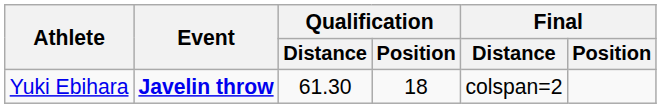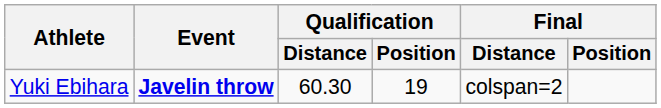 <table class=wikitable style="font-size:90%">
 <tr>
 <th rowspan="2">Athlete</th>
 <th rowspan="2">Event</th>
 <th colspan="2">Qualification</th>
 <th colspan="2">Final</th>
 </tr>
 <tr style="font-size:95%">
 <th>Distance</th>
 <th>Position</th>
 <th>Distance</th>
 <th>Position</th>
 </tr>
 <tr style=text-align:center>
 <td style=text-align:left><a href='#'>Yuki Ebihara</a></td>
 <td style=text-align:left><strong><a href='#'>Javelin throw</a></strong></td>
-<td>61.30</td>
-<td>18</td>
+<td>60.30</td>
+<td>19</td>
 <td>colspan=2 </td>
 </tr>
 </table>
